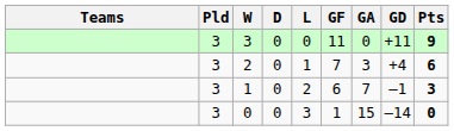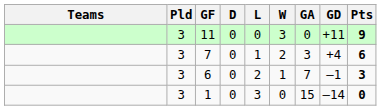 <table class="wikitable" style="text-align: center;">
 <tr>
 <th width=165>Teams</th>
 <th width=20>Pld</th>
-<th width=20>W</th>
+<th width=20>GF</th>
 <th width=20>D</th>
 <th width=20>L</th>
-<th width=20>GF</th>
+<th width=20>W</th>
 <th width=20>GA</th>
 <th width=20>GD</th>
 <th width=20>Pts</th>
 </tr>
 <tr align=center style="background:#ccffcc;">
 <td style="text-align:left;"></td>
 <td>3</td>
-<td>3</td>
+<td>11</td>
 <td>0</td>
 <td>0</td>
-<td>11</td>
+<td>3</td>
 <td>0</td>
 <td>+11</td>
 <td><strong>9</strong></td>
 </tr>
 <tr align=center>
 <td style="text-align:left;"></td>
 <td>3</td>
-<td>2</td>
+<td>7</td>
 <td>0</td>
 <td>1</td>
-<td>7</td>
+<td>2</td>
 <td>3</td>
 <td>+4</td>
 <td><strong>6</strong></td>
 </tr>
 <tr align=center>
 <td style="text-align:left;"></td>
 <td>3</td>
-<td>1</td>
+<td>6</td>
 <td>0</td>
 <td>2</td>
-<td>6</td>
+<td>1</td>
 <td>7</td>
 <td>–1</td>
 <td><strong>3</strong></td>
 </tr>
 <tr align=center>
 <td style="text-align:left;"></td>
 <td>3</td>
-<td>0</td>
+<td>1</td>
 <td>0</td>
 <td>3</td>
-<td>1</td>
+<td>0</td>
 <td>15</td>
 <td>–14</td>
 <td><strong>0</strong></td>
 </tr>
 </table>
